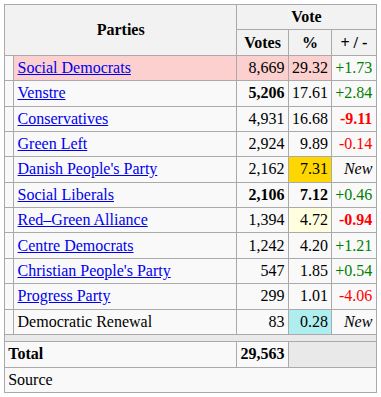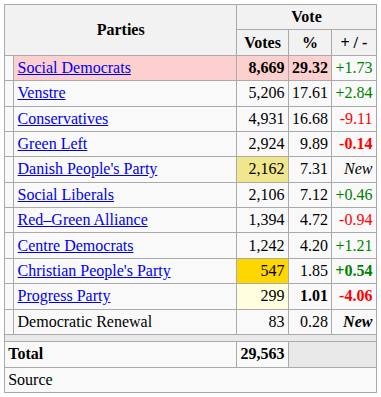 <table class="wikitable" style="text-align:right;">
 <tr>
 <th style="text-align:centre;" rowspan="2" colspan="2" width="225">Parties</th>
 <th colspan="3">Vote</th>
 </tr>
 <tr>
 <th width="15">Votes</th>
 <th width="15">%</th>
 <th width="15">+ / -</th>
 </tr>
 <tr>
 <td width="2" style="color:inherit;background:"></td>
 <td bgcolor=#fbd0ce  align="left"><a href='#'>Social Democrats</a></td>
-<td bgcolor=#fbd0ce>8,669</td>
-<td bgcolor=#fbd0ce>29.32</td>
+<td bgcolor=#fbd0ce><strong>8,669</strong></td>
+<td bgcolor=#fbd0ce><strong>29.32</strong></td>
 <td style=color:green;>+1.73</td>
 </tr>
 <tr>
 <td width="2" style="color:inherit;background:"></td>
 <td align="left"><a href='#'>Venstre</a></td>
-<td><strong>5,206</strong></td>
+<td>5,206</td>
 <td>17.61</td>
 <td style=color:green;>+2.84</td>
 </tr>
 <tr>
 <td width="2" style="color:inherit;background:"></td>
 <td align="left"><a href='#'>Conservatives</a></td>
 <td>4,931</td>
 <td>16.68</td>
-<td style=color:red;><strong>-9.11</strong></td>
+<td style=color:red;>-9.11</td>
 </tr>
 <tr>
 <td width="2" style="color:inherit;background:"></td>
 <td align="left"><a href='#'>Green Left</a></td>
 <td>2,924</td>
 <td>9.89</td>
-<td style=color:red;>-0.14</td>
+<td style=color:red;><strong>-0.14</strong></td>
 </tr>
 <tr>
 <td width="2" style="color:inherit;background:"></td>
 <td align="left"><a href='#'>Danish People's Party</a></td>
-<td>2,162</td>
-<td style="background: gold;">7.31</td>
+<td style="background: khaki;">2,162</td>
+<td>7.31</td>
 <td><em>New</em></td>
 </tr>
 <tr>
 <td width="2" style="color:inherit;background:"></td>
 <td align="left"><a href='#'>Social Liberals</a></td>
-<td><strong>2,106</strong></td>
-<td><strong>7.12</strong></td>
+<td>2,106</td>
+<td>7.12</td>
 <td style=color:green;>+0.46</td>
 </tr>
 <tr>
 <td width="2" style="color:inherit;background:"></td>
 <td align="left"><a href='#'>Red–Green Alliance</a></td>
 <td>1,394</td>
-<td style="background: lightyellow;">4.72</td>
-<td style=color:red;><strong>-0.94</strong></td>
+<td>4.72</td>
+<td style=color:red;>-0.94</td>
 </tr>
 <tr>
 <td width="2" style="color:inherit;background:"></td>
 <td align="left"><a href='#'>Centre Democrats</a></td>
 <td>1,242</td>
 <td>4.20</td>
 <td style=color:green;>+1.21</td>
 </tr>
 <tr>
 <td width="2" style="color:inherit;background:"></td>
 <td align="left"><a href='#'>Christian People's Party</a></td>
-<td>547</td>
+<td style="background: gold;">547</td>
 <td>1.85</td>
-<td style=color:green;>+0.54</td>
+<td style=color:green;><strong>+0.54</strong></td>
 </tr>
 <tr>
 <td width="2" style="color:inherit;background:"></td>
 <td align="left"><a href='#'>Progress Party</a></td>
-<td>299</td>
-<td>1.01</td>
-<td style=color:red;>-4.06</td>
+<td style="background: lightyellow;">299</td>
+<td><strong>1.01</strong></td>
+<td style=color:red;><strong>-4.06</strong></td>
 </tr>
 <tr>
 <td width="2" style="color:inherit;background:"></td>
 <td align="left">Democratic Renewal</td>
 <td>83</td>
-<td style="background: paleturquoise;">0.28</td>
-<td><em>New</em></td>
+<td>0.28</td>
+<td><strong><em>New</em></strong></td>
 </tr>
 <tr>
 <td colspan="7" bgcolor="#E9E9E9"></td>
 </tr>
 <tr>
 <td align="left" colspan="2"><strong>Total</strong></td>
 <td><strong>29,563</strong></td>
 <td bgcolor="#E9E9E9" colspan="2"></td>
 </tr>
 <tr>
 <td align="left" colspan="6">Source</td>
 </tr>
 </table>
